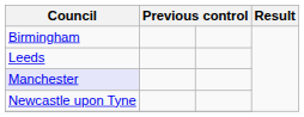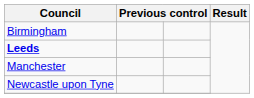 <table class="wikitable sortable" style="valign:top">
 <tr>
 <th>Council</th>
 <th colspan=2>Previous control</th>
 <th colspan=2>Result</th>
 </tr>
 <tr>
 <td><a href='#'>Birmingham</a></td>
 <td></td>
 <td></td>
 </tr>
 <tr>
-<td><a href='#'>Leeds</a></td>
+<td><strong><a href='#'>Leeds</a></strong></td>
 <td></td>
 <td></td>
 </tr>
 <tr>
-<td style="background: lavender;"><a href='#'>Manchester</a></td>
+<td><a href='#'>Manchester</a></td>
 <td></td>
 <td></td>
 </tr>
 <tr>
 <td><a href='#'>Newcastle upon Tyne</a></td>
 <td></td>
 <td></td>
 </tr>
 <tr>
 </tr>
 </table>
